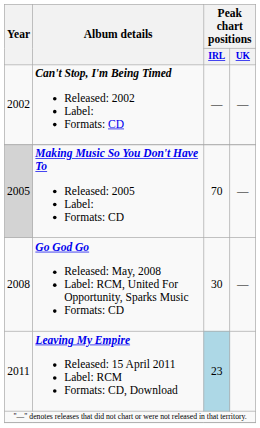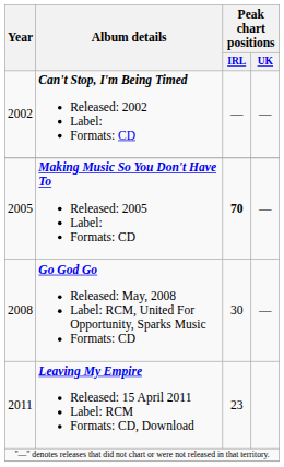 <table class="wikitable" style="text-align: center; ">
 <tr>
 <th rowspan="2">Year</th>
 <th rowspan="2" width="230">Album details</th>
 <th colspan="2">Peak chart positions</th>
 </tr>
 <tr style="font-size: smaller; ">
 <th width="30"><a href='#'>IRL</a><br></th>
 <th width="30"><a href='#'>UK</a><br></th>
 </tr>
 <tr>
 <td>2002</td>
 <td align="left"><strong><em>Can't Stop, I'm Being Timed</em></strong><br><ul><li>Released: 2002</li><li>Label:</li><li>Formats: <a href='#'>CD</a></li></ul></td>
 <td>—</td>
 <td>—</td>
 </tr>
 <tr>
 </tr>
 <tr>
 </tr>
 <tr>
 </tr>
 <tr>
-<td style="background: lightgrey;">2005</td>
+<td>2005</td>
 <td align="left"><strong><em><a href='#'>Making Music So You Don't Have To</a></em></strong><br><ul><li>Released: 2005</li><li>Label:</li><li>Formats: CD</li></ul></td>
-<td>70</td>
+<td><strong>70</strong></td>
 <td>—</td>
 </tr>
 <tr>
 <td>2008</td>
 <td align="left"><strong><em><a href='#'>Go God Go</a></em></strong><br><ul><li>Released: May, 2008</li><li>Label: RCM, United For Opportunity, Sparks Music</li><li>Formats: CD</li></ul></td>
 <td>30</td>
 <td>—</td>
 </tr>
 <tr>
 <td>2011</td>
 <td align="left"><strong><em><a href='#'>Leaving My Empire</a></em></strong><br><ul><li>Released: 15 April 2011</li><li>Label: RCM</li><li>Formats: CD, Download</li></ul></td>
-<td style="background: lightblue;">23</td>
+<td>23</td>
 </tr>
 <tr>
 <td align="center" colspan="4" style="font-size: 8pt">"—" denotes releases that did not chart or were not released in that territory.</td>
 </tr>
 <tr>
 </tr>
 </table>
